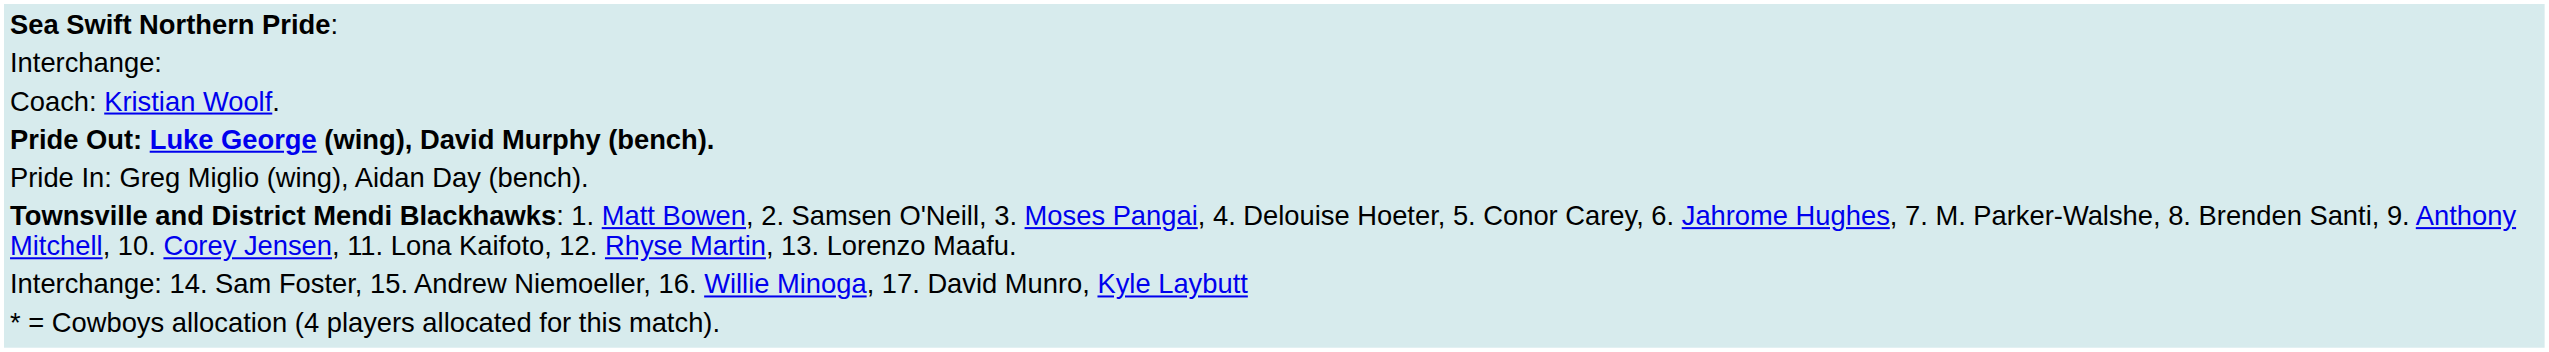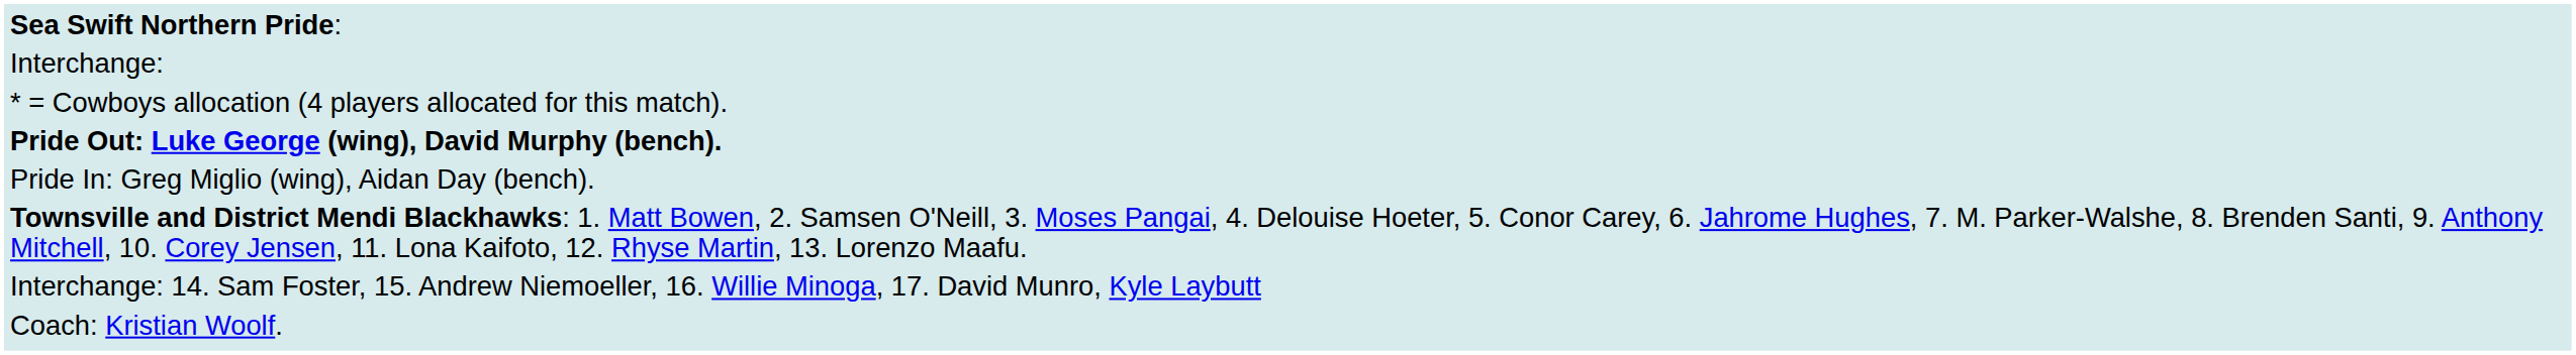 <table style="background:#d7ebed; font-size:85%; width:100%;">
 <tr>
 <td><strong>Sea Swift Northern Pride</strong>:             </td>
 </tr>
 <tr>
 <td>Interchange:    </td>
 </tr>
 <tr>
-<td>Coach: <a href='#'>Kristian Woolf</a>.</td>
+<td>* = Cowboys allocation (4 players allocated for this match).</td>
 </tr>
 <tr>
 <td><strong>Pride Out: <a href='#'>Luke George</a> (wing), David Murphy (bench).</strong></td>
 </tr>
 <tr>
 <td>Pride In: Greg Miglio (wing), Aidan Day (bench).</td>
 </tr>
 <tr>
 <td><strong>Townsville and District Mendi Blackhawks</strong>: 1. <a href='#'>Matt Bowen</a>, 2. Samsen O'Neill, 3. <a href='#'>Moses Pangai</a>, 4. Delouise Hoeter, 5. Conor Carey, 6. <a href='#'>Jahrome Hughes</a>, 7. M. Parker-Walshe, 8. Brenden Santi, 9. <a href='#'>Anthony Mitchell</a>, 10. <a href='#'>Corey Jensen</a>, 11. Lona Kaifoto, 12. <a href='#'>Rhyse Martin</a>, 13. Lorenzo Maafu.</td>
 </tr>
 <tr>
 <td>Interchange: 14. Sam Foster, 15. Andrew Niemoeller, 16. <a href='#'>Willie Minoga</a>, 17. David Munro, <a href='#'>Kyle Laybutt</a></td>
 </tr>
 <tr>
-<td>* = Cowboys allocation (4 players allocated for this match).</td>
+<td>Coach: <a href='#'>Kristian Woolf</a>.</td>
 </tr>
 <tr>
 </tr>
 </table>
